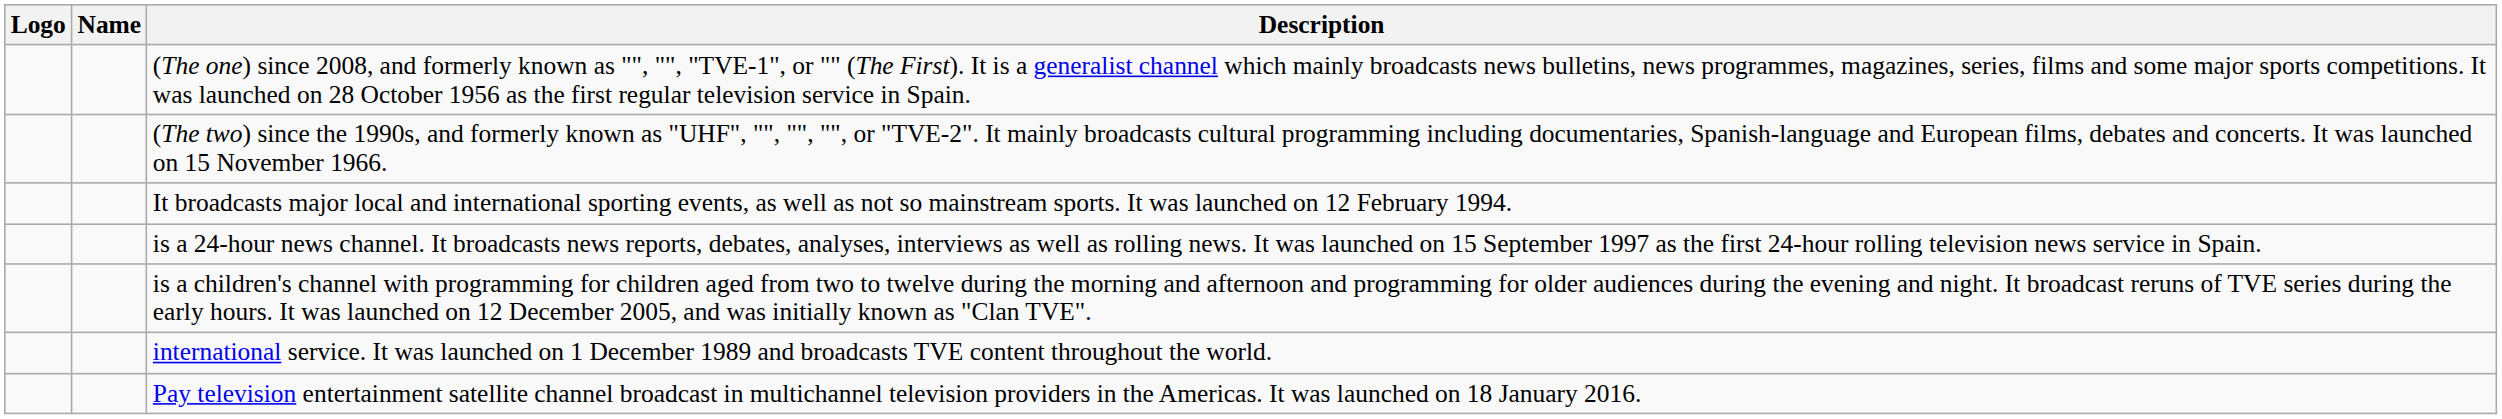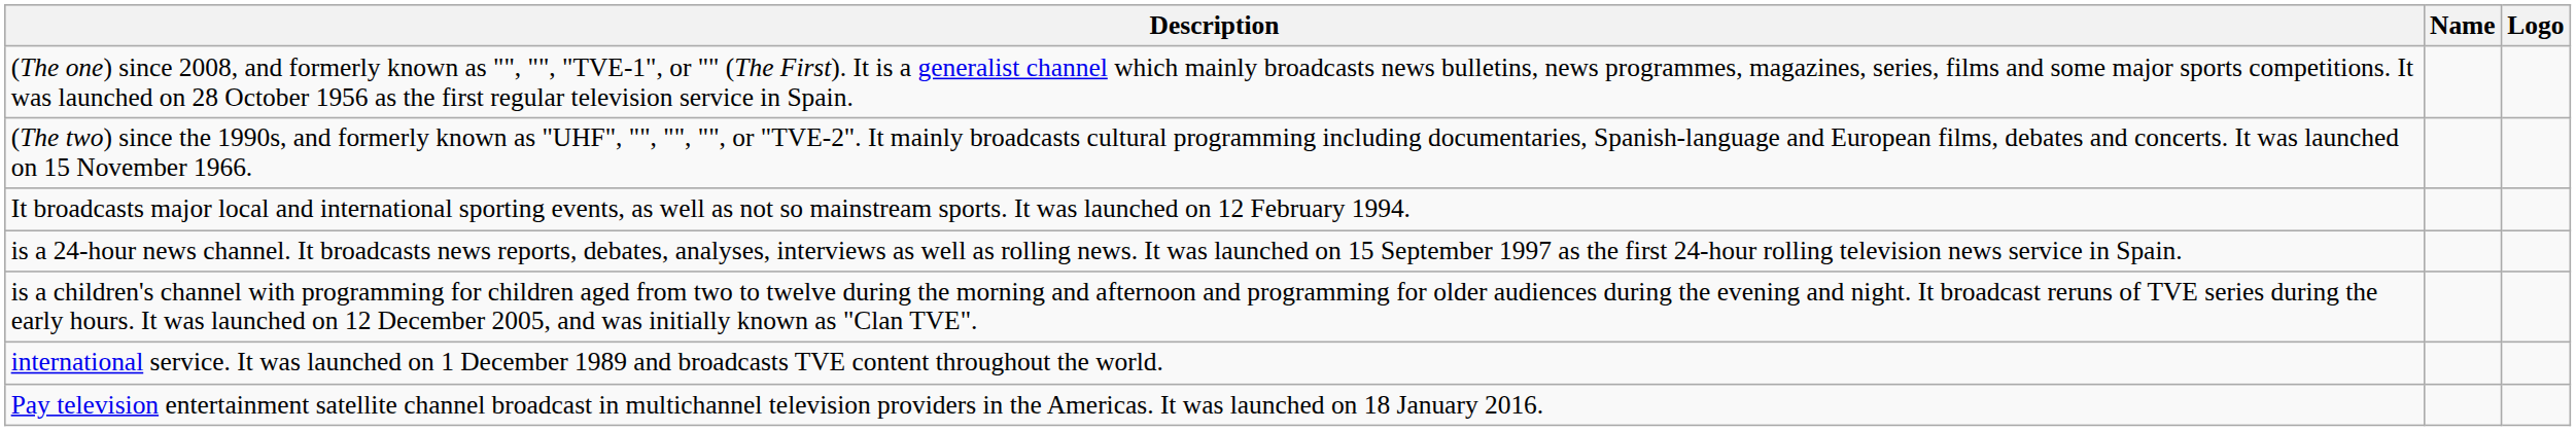 <table class="wikitable">
 <tr>
+<th>Description</th>
+<th>Name</th>
 <th>Logo</th>
-<th>Name</th>
-<th>Description</th>
 </tr>
 <tr>
+<td> (<em>The one</em>) since 2008, and formerly known as "", "", "TVE-1", or "" (<em>The First</em>). It is a <a href='#'>generalist channel</a> which mainly broadcasts news bulletins, news programmes, magazines, series, films and some major sports competitions. It was launched on 28 October 1956 as the first regular television service in Spain.</td>
 <td></td>
 <td></td>
-<td> (<em>The one</em>) since 2008, and formerly known as "", "", "TVE-1", or "" (<em>The First</em>). It is a <a href='#'>generalist channel</a> which mainly broadcasts news bulletins, news programmes, magazines, series, films and some major sports competitions. It was launched on 28 October 1956 as the first regular television service in Spain.</td>
 </tr>
 <tr>
+<td> (<em>The two</em>) since the 1990s, and formerly known as "UHF", "", "", "", or "TVE-2". It mainly broadcasts cultural programming including documentaries, Spanish-language and European films, debates and concerts. It was launched on 15 November 1966.</td>
 <td></td>
 <td></td>
-<td> (<em>The two</em>) since the 1990s, and formerly known as "UHF", "", "", "", or "TVE-2". It mainly broadcasts cultural programming including documentaries, Spanish-language and European films, debates and concerts. It was launched on 15 November 1966.</td>
 </tr>
 <tr>
+<td>It broadcasts major local and international sporting events, as well as not so mainstream sports. It was launched on 12 February 1994.</td>
 <td></td>
 <td></td>
-<td>It broadcasts major local and international sporting events, as well as not so mainstream sports. It was launched on 12 February 1994.</td>
 </tr>
 <tr>
+<td> is a 24-hour news channel. It broadcasts news reports, debates, analyses, interviews as well as rolling news. It was launched on 15 September 1997 as the first 24-hour rolling television news service in Spain.</td>
 <td></td>
 <td></td>
-<td> is a 24-hour news channel. It broadcasts news reports, debates, analyses, interviews as well as rolling news. It was launched on 15 September 1997 as the first 24-hour rolling television news service in Spain.</td>
 </tr>
 <tr>
+<td> is a children's channel with programming for children aged from two to twelve during the morning and afternoon and programming for older audiences during the evening and night. It broadcast reruns of TVE series during the early hours. It was launched on 12 December 2005, and was initially known as "Clan TVE".</td>
 <td></td>
 <td></td>
-<td> is a children's channel with programming for children aged from two to twelve during the morning and afternoon and programming for older audiences during the evening and night. It broadcast reruns of TVE series during the early hours. It was launched on 12 December 2005, and was initially known as "Clan TVE".</td>
 </tr>
 <tr>
+<td> <a href='#'>international</a> service. It was launched on 1 December 1989 and broadcasts TVE content throughout the world.</td>
 <td></td>
 <td></td>
-<td> <a href='#'>international</a> service. It was launched on 1 December 1989 and broadcasts TVE content throughout the world.</td>
 </tr>
 <tr>
+<td><a href='#'>Pay television</a> entertainment satellite channel broadcast in multichannel television providers in the Americas. It was launched on 18 January 2016.</td>
 <td></td>
 <td></td>
-<td><a href='#'>Pay television</a> entertainment satellite channel broadcast in multichannel television providers in the Americas. It was launched on 18 January 2016.</td>
 </tr>
 </table>
